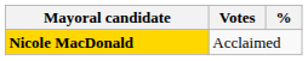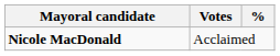 <table class="wikitable">
 <tr>
 <th width="200px">Mayoral candidate</th>
 <th width="50px">Votes</th>
 <th width="30px">%</th>
 </tr>
 <tr>
-<td style="background: gold;"><strong>Nicole MacDonald</strong> </td>
+<td><strong>Nicole MacDonald</strong> </td>
 <td colspan="2">Acclaimed</td>
 </tr>
 </table>
